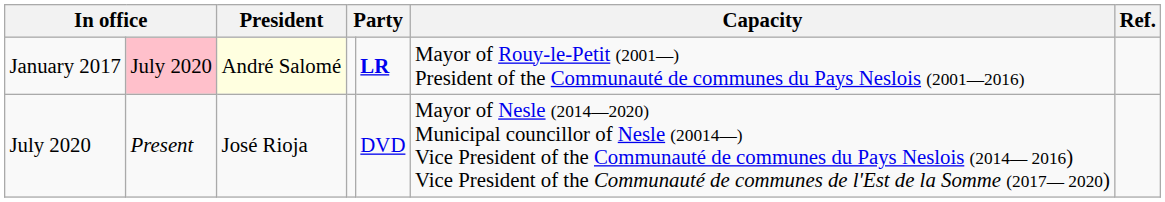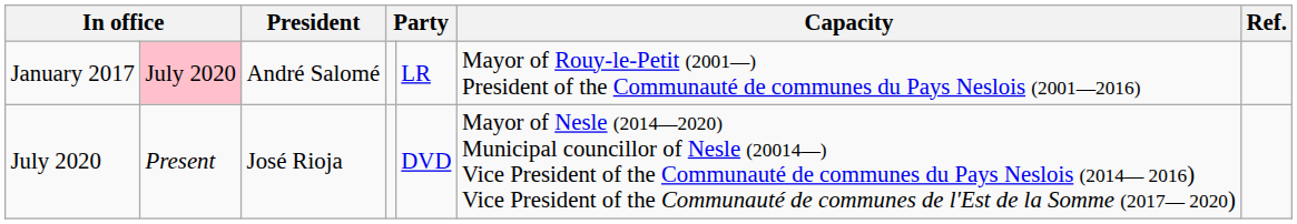 <table class="wikitable">
 <tr>
 <th colspan="2">In office</th>
 <th>President</th>
 <th colspan="2">Party</th>
 <th>Capacity</th>
 <th>Ref.</th>
 </tr>
 <tr>
 <td>January 2017</td>
 <td style="background: pink;">July 2020</td>
-<td style="background: lightyellow;">André Salomé</td>
+<td>André Salomé</td>
 <td style="background:"></td>
-<td><strong><a href='#'>LR</a></strong></td>
+<td><a href='#'>LR</a></td>
 <td>Mayor of <a href='#'>Rouy-le-Petit</a> <small>(2001—)</small><br>President of the <a href='#'>Communauté de communes du Pays Neslois</a> <small>(2001—2016)</small></td>
 <td></td>
 </tr>
 <tr>
 <td>July 2020</td>
 <td><em>Present</em></td>
 <td>José Rioja</td>
 <td style="background:"></td>
 <td><a href='#'>DVD</a></td>
 <td>Mayor of <a href='#'>Nesle</a> <small>(2014—2020)</small><br>Municipal councillor of <a href='#'>Nesle</a> <small>(20014—)</small><br>Vice President of the <a href='#'>Communauté de communes du Pays Neslois</a> <small>(2014— 2016</small>)<br>Vice President of the <em>Communauté de communes de l'Est de la Somme</em> <small>(2017— 2020</small>)</td>
 <td></td>
 </tr>
 </table>
